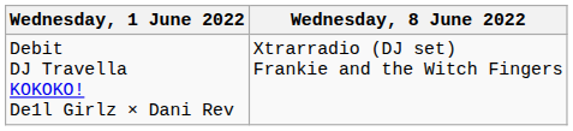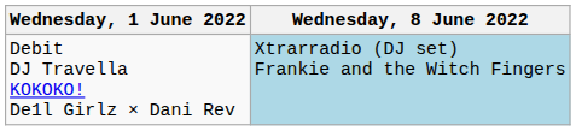 <table class="wikitable">
 <tr>
 <th>Wednesday, 1 June 2022</th>
 <th>Wednesday, 8 June 2022</th>
 </tr>
 <tr valign="top">
 <td>Debit<br>DJ Travella<br><a href='#'>KOKOKO!</a><br>De1l Girlz × Dani Rev</td>
-<td>Xtrarradio (DJ set)<br>Frankie and the Witch Fingers</td>
+<td style="background: lightblue;">Xtrarradio (DJ set)<br>Frankie and the Witch Fingers</td>
 </tr>
 </table>
